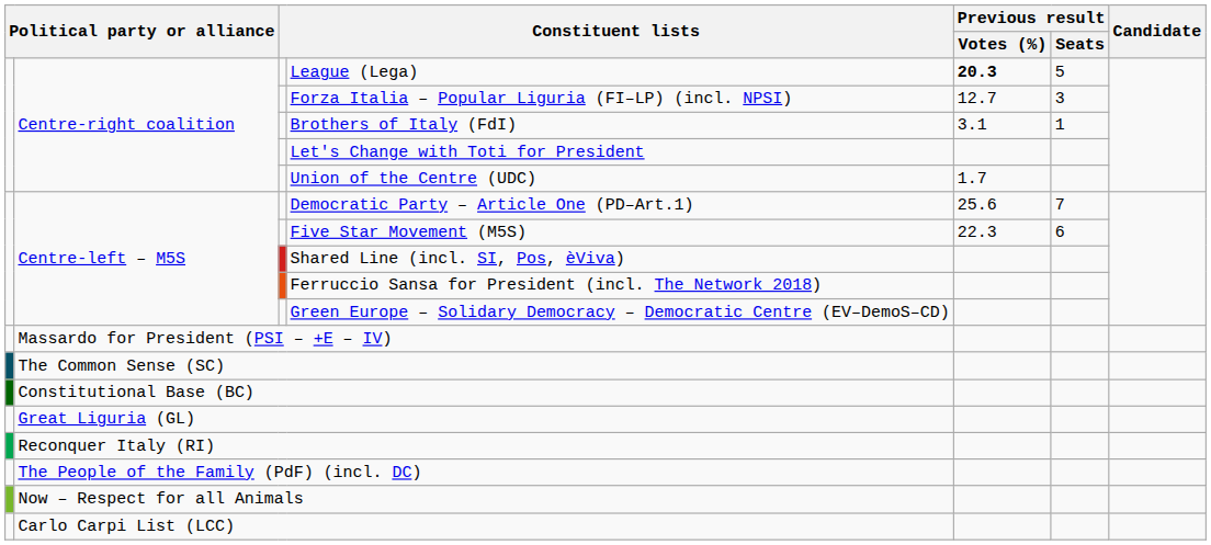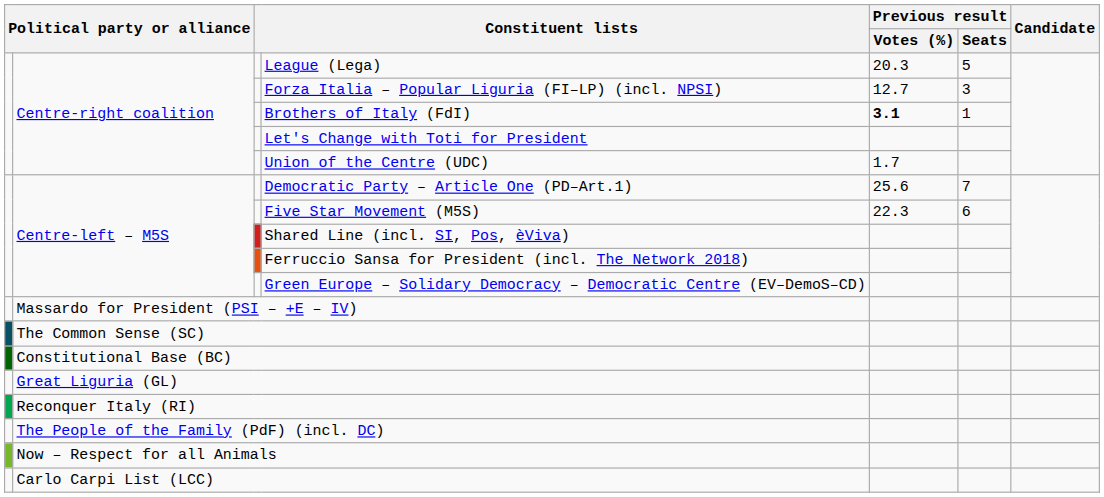 <table class=wikitable style=text-align:left>
 <tr>
 <th colspan=2 rowspan=2>Political party or alliance</th>
 <th colspan=2 rowspan=2>Constituent lists</th>
 <th colspan=2>Previous result</th>
 <th rowspan=2>Candidate</th>
 </tr>
 <tr>
 <th>Votes (%)</th>
 <th>Seats</th>
 </tr>
 <tr>
 <td rowspan="5" style="background:"></td>
 <td rowspan="5"><a href='#'>Centre-right coalition</a></td>
 <td></td>
 <td style="text-align:left;"><a href='#'>League</a> (Lega)</td>
-<td><strong>20.3</strong></td>
+<td>20.3</td>
 <td>5</td>
 <td rowspan="5"></td>
 </tr>
 <tr>
 <td></td>
 <td style="text-align:left;"><a href='#'>Forza Italia</a> – <a href='#'>Popular Liguria</a> (FI–LP) (incl. <a href='#'>NPSI</a>)</td>
 <td>12.7</td>
 <td>3</td>
 </tr>
 <tr>
 <td></td>
 <td style="text-align:left;"><a href='#'>Brothers of Italy</a> (FdI)</td>
-<td>3.1</td>
+<td><strong>3.1</strong></td>
 <td>1</td>
 </tr>
 <tr>
 <td></td>
 <td style="text-align:left;"><a href='#'>Let's Change with Toti for President</a></td>
 <td></td>
 <td></td>
 </tr>
 <tr>
 <td></td>
 <td style="text-align:left;"><a href='#'>Union of the Centre</a> (UDC)</td>
 <td>1.7</td>
 <td></td>
 </tr>
 <tr>
 <td rowspan="5"></td>
 <td rowspan="5"><a href='#'>Centre-left</a> – <a href='#'>M5S</a></td>
 <td></td>
 <td style="text-align:left;"><a href='#'>Democratic Party</a> – <a href='#'>Article One</a> (PD–Art.1)</td>
 <td>25.6</td>
 <td>7</td>
 <td rowspan="5"></td>
 </tr>
 <tr>
 <td></td>
 <td><a href='#'>Five Star Movement</a> (M5S)</td>
 <td>22.3</td>
 <td>6</td>
 </tr>
 <tr>
 <td bgcolor="#D21E1D"></td>
 <td style="text-align:left;">Shared Line (incl. <a href='#'>SI</a>, <a href='#'>Pos</a>, <a href='#'>èViva</a>)</td>
 <td></td>
 <td></td>
 </tr>
 <tr>
 <td bgcolor="#E8500F"></td>
 <td>Ferruccio Sansa for President (incl. <a href='#'>The Network 2018</a>)</td>
 <td></td>
 <td></td>
 </tr>
 <tr>
 <td></td>
 <td><a href='#'>Green Europe</a> – <a href='#'>Solidary Democracy</a> – <a href='#'>Democratic Centre</a> (EV–DemoS–CD)</td>
 <td></td>
 <td></td>
 </tr>
 <tr>
 <td></td>
 <td colspan="3">Massardo for President (<a href='#'>PSI</a> – <a href='#'>+E</a> – <a href='#'>IV</a>)</td>
 <td></td>
 <td></td>
 <td></td>
 </tr>
 <tr>
 <td bgcolor="#065166"></td>
 <td colspan="3">The Common Sense (SC)</td>
 <td></td>
 <td></td>
 <td></td>
 </tr>
 <tr>
 <td bgcolor="#006400"></td>
 <td colspan="3">Constitutional Base (BC)</td>
 <td></td>
 <td></td>
 <td></td>
 </tr>
 <tr>
 <td></td>
 <td colspan="3"><a href='#'>Great Liguria</a> (GL)</td>
 <td></td>
 <td></td>
 <td></td>
 </tr>
 <tr>
 <td bgcolor="#00A650"></td>
 <td colspan="3">Reconquer Italy (RI)</td>
 <td></td>
 <td></td>
 <td></td>
 </tr>
 <tr>
 <td></td>
 <td colspan="3"><a href='#'>The People of the Family</a> (PdF) (incl. <a href='#'>DC</a>)</td>
 <td></td>
 <td></td>
 <td></td>
 </tr>
 <tr>
 <td bgcolor="#77b72a"></td>
 <td colspan="3">Now – Respect for all Animals</td>
 <td></td>
 <td></td>
 <td></td>
 </tr>
 <tr>
 <td></td>
 <td colspan="3">Carlo Carpi List (LCC)</td>
 <td></td>
 <td></td>
 <td></td>
 </tr>
 </table>
